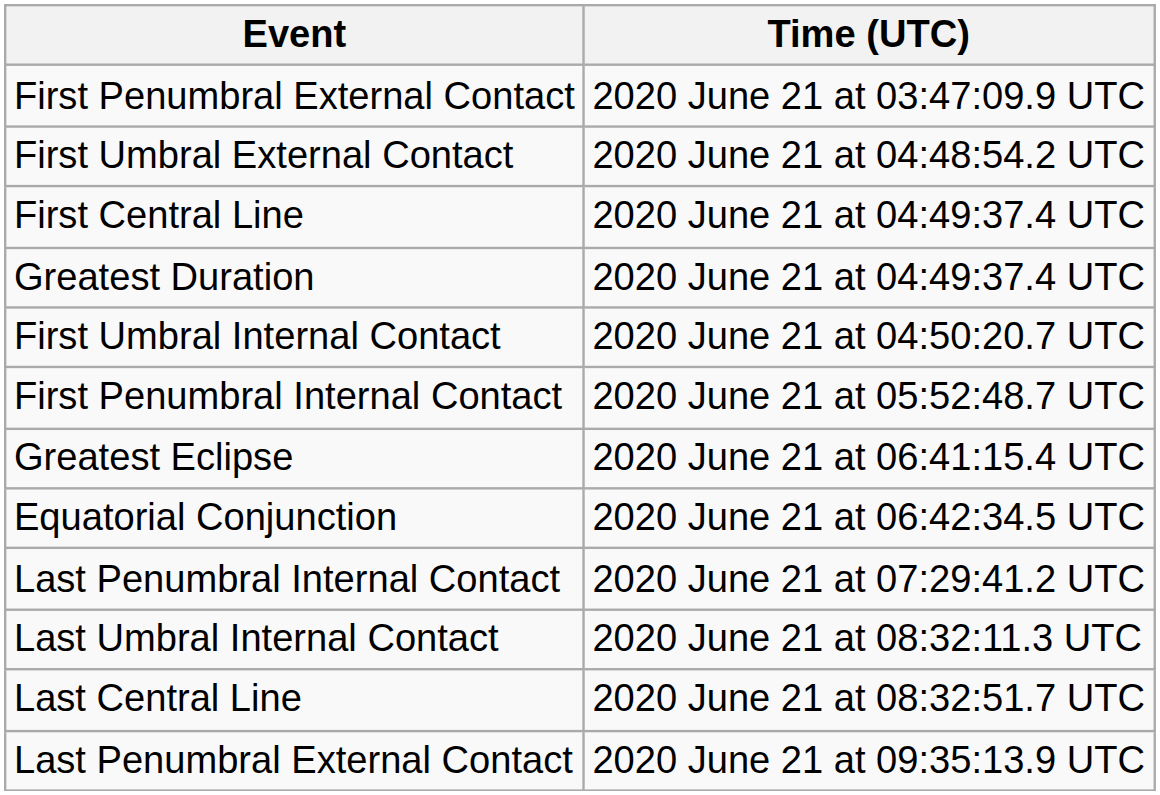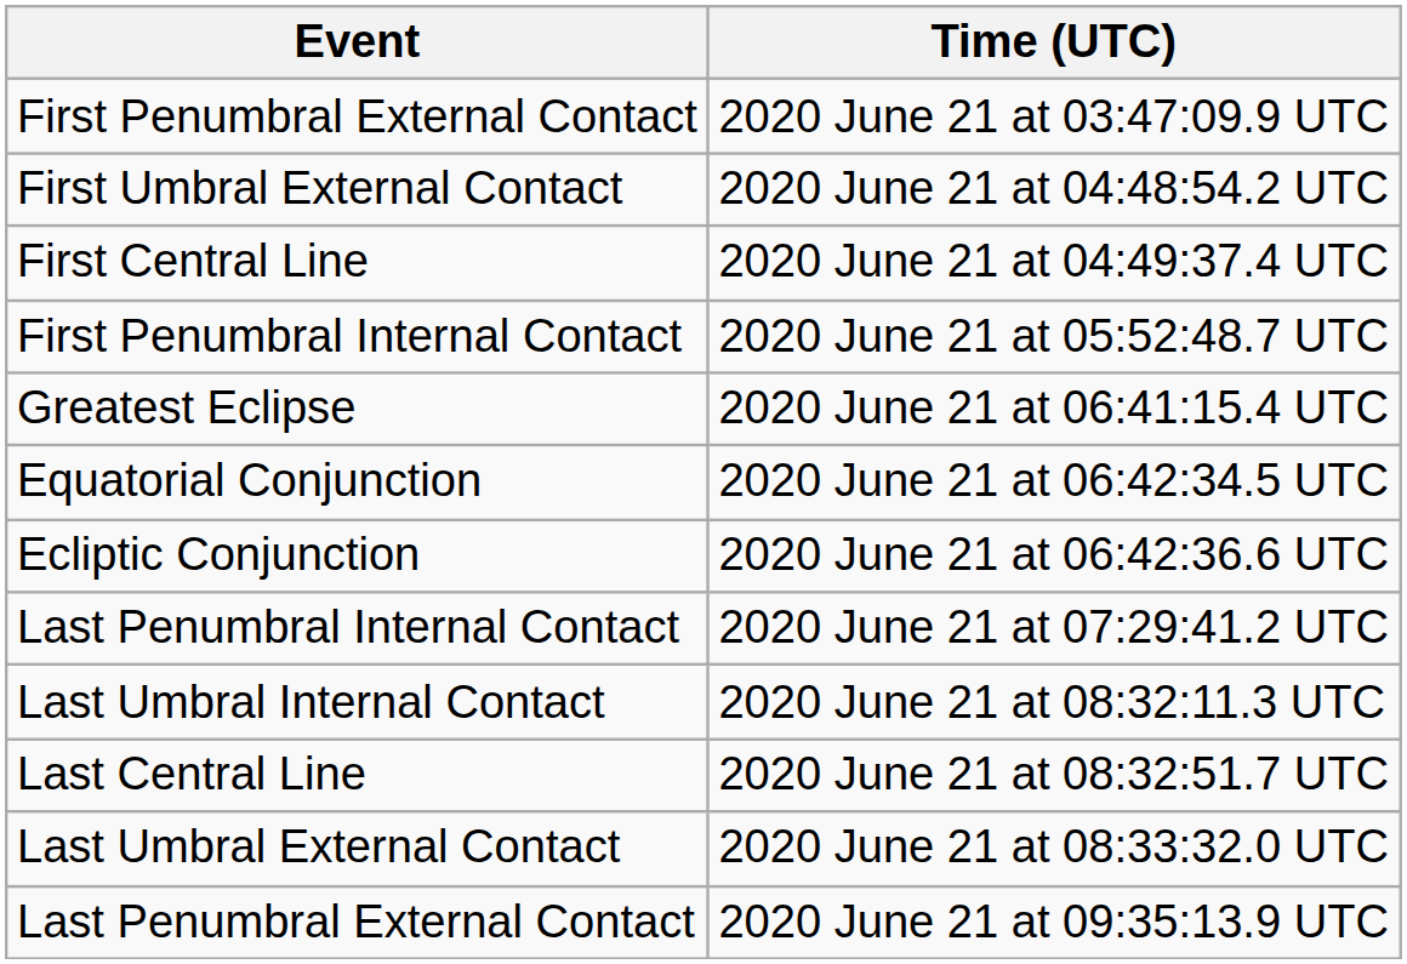 <table class="wikitable">
 <tr>
 <th>Event</th>
 <th>Time (UTC)</th>
 </tr>
 <tr>
 <td>First Penumbral External Contact</td>
 <td>2020 June 21 at 03:47:09.9 UTC</td>
 </tr>
 <tr>
 <td>First Umbral External Contact</td>
 <td>2020 June 21 at 04:48:54.2 UTC</td>
 </tr>
 <tr>
 <td>First Central Line</td>
 <td>2020 June 21 at 04:49:37.4 UTC</td>
 </tr>
 <tr>
-<td>Greatest Duration</td>
-<td>2020 June 21 at 04:49:37.4 UTC</td>
-</tr>
-<tr>
-<td>First Umbral Internal Contact</td>
-<td>2020 June 21 at 04:50:20.7 UTC</td>
-</tr>
-<tr>
 <td>First Penumbral Internal Contact</td>
 <td>2020 June 21 at 05:52:48.7 UTC</td>
 </tr>
 <tr>
 <td>Greatest Eclipse</td>
 <td>2020 June 21 at 06:41:15.4 UTC</td>
 </tr>
 <tr>
 <td>Equatorial Conjunction</td>
 <td>2020 June 21 at 06:42:34.5 UTC</td>
+</tr>
+<tr>
+<td>Ecliptic Conjunction</td>
+<td>2020 June 21 at 06:42:36.6 UTC</td>
 </tr>
 <tr>
 <td>Last Penumbral Internal Contact</td>
 <td>2020 June 21 at 07:29:41.2 UTC</td>
 </tr>
 <tr>
 <td>Last Umbral Internal Contact</td>
 <td>2020 June 21 at 08:32:11.3 UTC</td>
 </tr>
 <tr>
 <td>Last Central Line</td>
 <td>2020 June 21 at 08:32:51.7 UTC</td>
 </tr>
 <tr>
+<td>Last Umbral External Contact</td>
+<td>2020 June 21 at 08:33:32.0 UTC</td>
+</tr>
+<tr>
 <td>Last Penumbral External Contact</td>
 <td>2020 June 21 at 09:35:13.9 UTC</td>
 </tr>
 </table>
